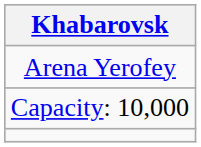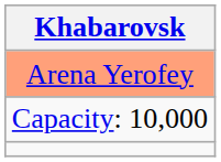 <table class="wikitable" style="text-align:center">
 <tr>
 <th><a href='#'>Khabarovsk</a></th>
 </tr>
 <tr>
-<td><a href='#'>Arena Yerofey</a></td>
+<td style="background: lightsalmon;"><a href='#'>Arena Yerofey</a></td>
 </tr>
 <tr>
 <td><a href='#'>Capacity</a>: 10,000</td>
 </tr>
 <tr>
 <td></td>
 </tr>
 </table>
